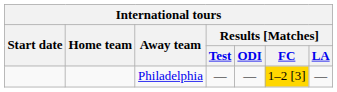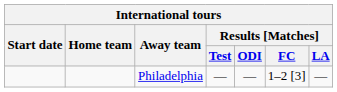 <table class="wikitable">
 <tr>
 <th colspan="7">International tours</th>
 </tr>
 <tr>
 <th rowspan="2">Start date</th>
 <th rowspan="2">Home team</th>
 <th rowspan="2">Away team</th>
 <th colspan="4">Results [Matches]</th>
 </tr>
 <tr>
 <th><a href='#'>Test</a></th>
 <th><a href='#'>ODI</a></th>
 <th><a href='#'>FC</a></th>
 <th><a href='#'>LA</a></th>
 </tr>
 <tr>
 <td><a href='#'></a></td>
 <td></td>
 <td> <a href='#'>Philadelphia</a></td>
 <td ; style="text-align:center">—</td>
 <td ; style="text-align:center">—</td>
-<td style="background: gold;">1–2 [3]</td>
+<td>1–2 [3]</td>
 <td ; style="text-align:center">—</td>
 </tr>
 </table>
